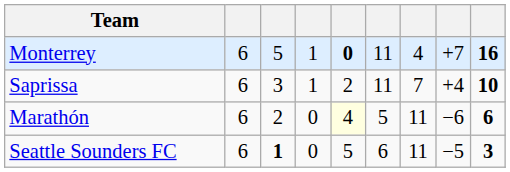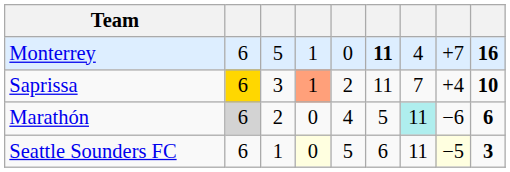 <table class="wikitable" style="text-align: center;">
 <tr>
 <th width="165">Team</th>
 <th width="20"></th>
 <th width="20"></th>
 <th width="20"></th>
 <th width="20"></th>
 <th width="20"></th>
 <th width="20"></th>
 <th width="20"></th>
 <th width="20"></th>
 </tr>
 <tr bgcolor=#ddeeff>
 <td align=left> <a href='#'>Monterrey</a></td>
 <td>6</td>
 <td>5</td>
 <td>1</td>
-<td><strong>0</strong></td>
-<td>11</td>
+<td>0</td>
+<td><strong>11</strong></td>
 <td>4</td>
 <td>+7</td>
 <td><strong>16</strong></td>
 </tr>
 <tr>
 <td align=left> <a href='#'>Saprissa</a></td>
-<td>6</td>
+<td style="background: gold;">6</td>
 <td>3</td>
-<td>1</td>
+<td style="background: lightsalmon;">1</td>
 <td>2</td>
 <td>11</td>
 <td>7</td>
 <td>+4</td>
 <td><strong>10</strong></td>
 </tr>
 <tr>
 <td align=left> <a href='#'>Marathón</a></td>
-<td>6</td>
+<td style="background: lightgrey;">6</td>
 <td>2</td>
 <td>0</td>
-<td style="background: lightyellow;">4</td>
+<td>4</td>
 <td>5</td>
-<td>11</td>
+<td style="background: paleturquoise;">11</td>
 <td>−6</td>
 <td><strong>6</strong></td>
 </tr>
 <tr>
 <td align=left> <a href='#'>Seattle Sounders FC</a></td>
 <td>6</td>
-<td><strong>1</strong></td>
-<td>0</td>
+<td>1</td>
+<td style="background: lightyellow;">0</td>
 <td>5</td>
 <td>6</td>
 <td>11</td>
-<td>−5</td>
+<td style="background: lightyellow;">−5</td>
 <td><strong>3</strong></td>
 </tr>
 </table>
